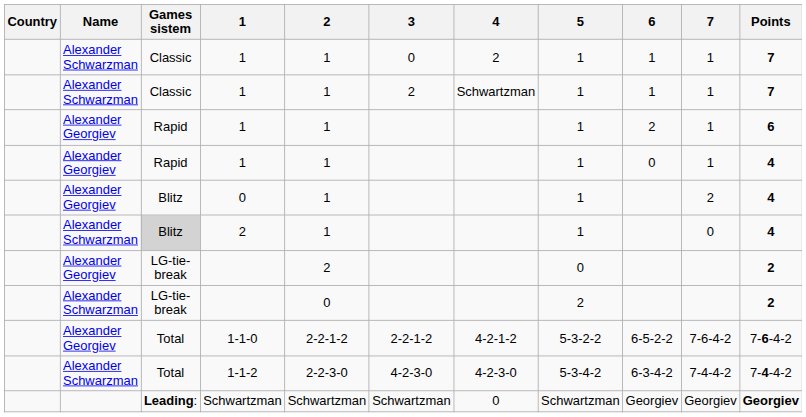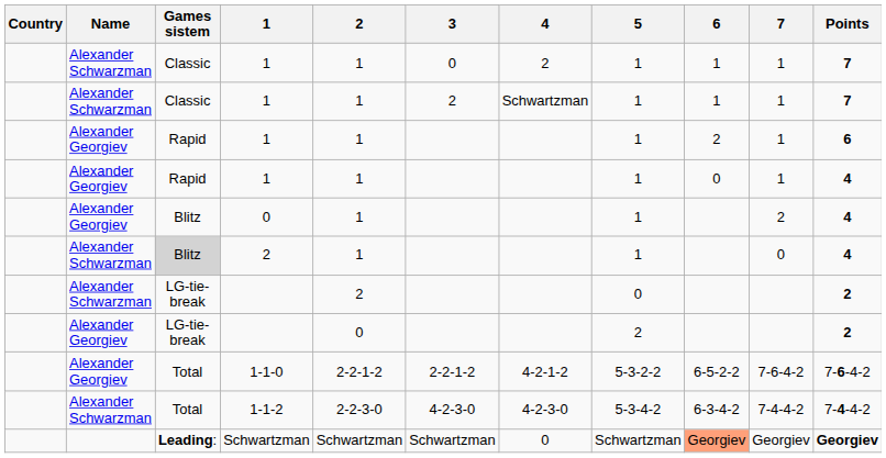 <table class="wikitable">
 <tr>
 <th>Country</th>
 <th>Name</th>
 <th width="15">Games sistem</th>
 <th width="15">1</th>
 <th width="15">2</th>
 <th width="15">3</th>
 <th width="15">4</th>
 <th width="15">5</th>
 <th width="15">6</th>
 <th width="15">7</th>
 <th width="15">Points</th>
 </tr>
 <tr align="center">
 <td></td>
 <td align="left"><a href='#'>Alexander Schwarzman</a></td>
 <td>Classic</td>
 <td>1</td>
 <td>1</td>
 <td>0</td>
 <td>2</td>
 <td>1</td>
 <td>1</td>
 <td>1</td>
 <td><strong>7</strong></td>
 </tr>
 <tr align="center">
 <td></td>
 <td align="left"><a href='#'>Alexander Schwarzman</a></td>
 <td>Classic</td>
 <td>1</td>
 <td>1</td>
 <td>2</td>
 <td>Schwartzman</td>
 <td>1</td>
 <td>1</td>
 <td>1</td>
 <td><strong>7</strong></td>
 </tr>
 <tr align="center">
 <td></td>
 <td align="left"><a href='#'>Alexander Georgiev</a></td>
 <td>Rapid</td>
 <td>1</td>
 <td>1</td>
 <td></td>
 <td></td>
 <td>1</td>
 <td>2</td>
 <td>1</td>
 <td><strong>6</strong></td>
 </tr>
 <tr align="center">
 <td></td>
 <td align="left"><a href='#'>Alexander Georgiev</a></td>
 <td>Rapid</td>
 <td>1</td>
 <td>1</td>
 <td></td>
 <td></td>
 <td>1</td>
 <td>0</td>
 <td>1</td>
 <td><strong>4</strong></td>
 </tr>
 <tr align="center">
 <td></td>
 <td align="left"><a href='#'>Alexander Georgiev</a></td>
 <td>Blitz</td>
 <td>0</td>
 <td>1</td>
 <td></td>
 <td></td>
 <td>1</td>
 <td></td>
 <td>2</td>
 <td><strong>4</strong></td>
 </tr>
 <tr align="center">
 <td></td>
 <td align="left"><a href='#'>Alexander Schwarzman</a></td>
 <td style="background: lightgrey;">Blitz</td>
 <td>2</td>
 <td>1</td>
 <td></td>
 <td></td>
 <td>1</td>
 <td></td>
 <td>0</td>
 <td><strong>4</strong></td>
 </tr>
 <tr align="center">
 <td></td>
-<td align="left"><a href='#'>Alexander Georgiev</a></td>
+<td align="left"><a href='#'>Alexander Schwarzman</a></td>
 <td>LG-tie-break</td>
 <td></td>
 <td>2</td>
 <td></td>
 <td></td>
 <td>0</td>
 <td></td>
 <td></td>
 <td><strong>2</strong></td>
 </tr>
 <tr align="center">
 <td></td>
-<td align="left"><a href='#'>Alexander Schwarzman</a></td>
+<td align="left"><a href='#'>Alexander Georgiev</a></td>
 <td>LG-tie-break</td>
 <td></td>
 <td>0</td>
 <td></td>
 <td></td>
 <td>2</td>
 <td></td>
 <td></td>
 <td><strong>2</strong></td>
 </tr>
 <tr align="center">
 <td></td>
 <td align="left"><a href='#'>Alexander Georgiev</a></td>
 <td>Total</td>
 <td>1-1-0</td>
 <td>2-2-1-2</td>
 <td>2-2-1-2</td>
 <td>4-2-1-2</td>
 <td>5-3-2-2</td>
 <td>6-5-2-2</td>
 <td>7-6-4-2</td>
 <td>7-<strong>6</strong>-4-2</td>
 </tr>
 <tr align="center">
 <td></td>
 <td align="left"><a href='#'>Alexander Schwarzman</a></td>
 <td>Total</td>
 <td>1-1-2</td>
 <td>2-2-3-0</td>
 <td>4-2-3-0</td>
 <td>4-2-3-0</td>
 <td>5-3-4-2</td>
 <td>6-3-4-2</td>
 <td>7-4-4-2</td>
 <td>7-<strong>4</strong>-4-2</td>
 </tr>
 <tr align="center">
 <td></td>
 <td></td>
 <td><strong>Leading</strong>:</td>
 <td>Schwartzman</td>
 <td>Schwartzman</td>
 <td>Schwartzman</td>
 <td>0</td>
 <td>Schwartzman</td>
-<td>Georgiev</td>
+<td style="background: lightsalmon;">Georgiev</td>
 <td>Georgiev</td>
 <td><strong>Georgiev</strong></td>
 </tr>
 </table>
